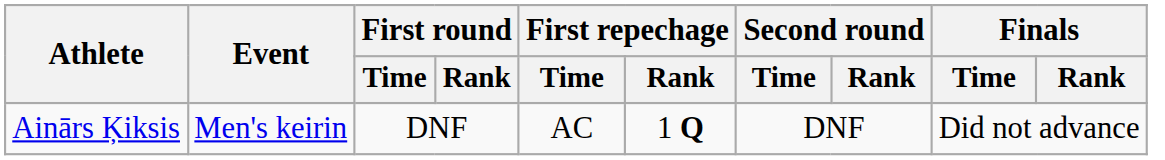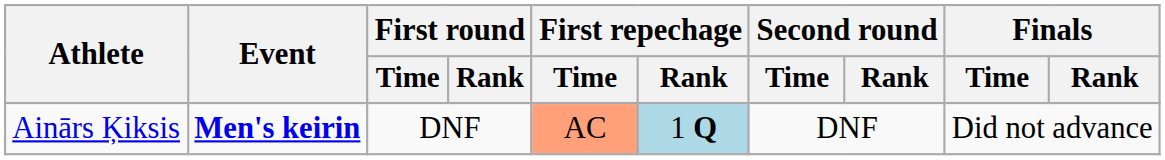 <table class=wikitable style="font-size:90%">
 <tr>
 <th rowspan="2">Athlete</th>
 <th rowspan="2">Event</th>
 <th colspan=2>First round</th>
 <th colspan=2>First repechage</th>
 <th colspan=2>Second round</th>
 <th colspan=2>Finals</th>
 </tr>
 <tr style="font-size:95%">
 <th>Time</th>
 <th>Rank</th>
 <th>Time</th>
 <th>Rank</th>
 <th>Time</th>
 <th>Rank</th>
 <th>Time</th>
 <th>Rank</th>
 </tr>
 <tr align=center>
 <td align=left><a href='#'>Ainārs Ķiksis</a></td>
-<td align=left><a href='#'>Men's keirin</a></td>
+<td align=left><strong><a href='#'>Men's keirin</a></strong></td>
 <td align=center colspan=2>DNF</td>
-<td>AC</td>
-<td>1 <strong>Q</strong></td>
+<td style="background: lightsalmon;">AC</td>
+<td style="background: lightblue;">1 <strong>Q</strong></td>
 <td align=center colspan=2>DNF</td>
 <td colspan=6>Did not advance</td>
 </tr>
 </table>
